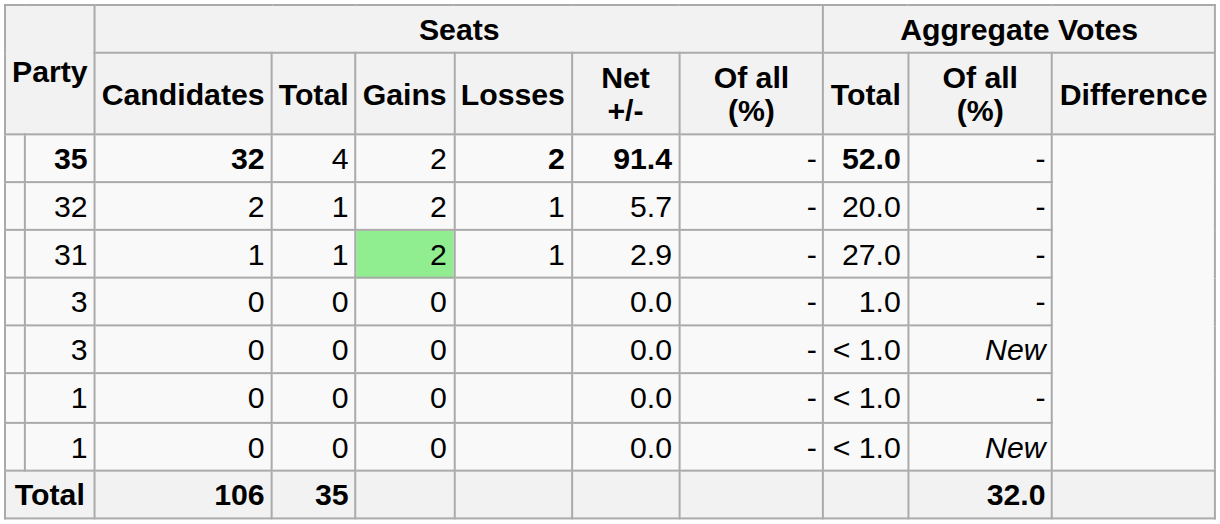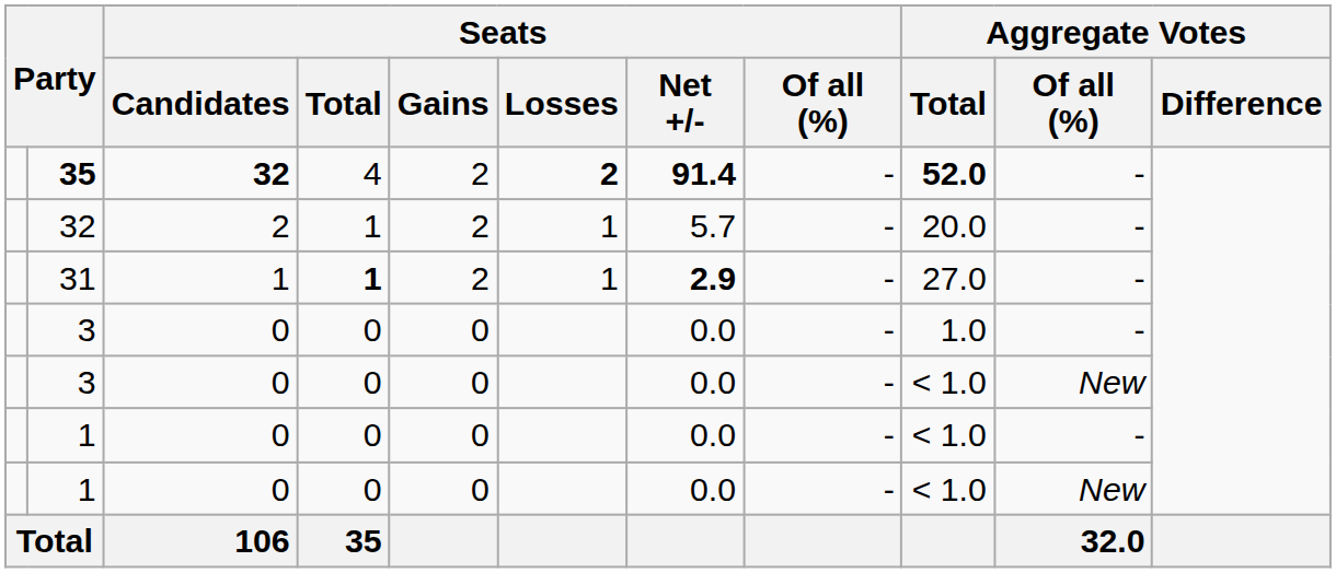 <table class="wikitable sortable" style="text-align:right; font-size:95%;">
 <tr>
 <th colspan="2" rowspan="2">Party</th>
 <th colspan="6">Seats</th>
 <th colspan="3">Aggregate Votes</th>
 </tr>
 <tr>
 <th>Candidates</th>
 <th>Total</th>
 <th>Gains</th>
 <th>Losses</th>
 <th>Net +/-</th>
 <th>Of all (%)</th>
 <th>Total</th>
 <th>Of all (%)</th>
 <th>Difference</th>
 </tr>
 <tr>
 <td></td>
 <td><strong>35</strong></td>
 <td><strong>32</strong></td>
 <td>4</td>
 <td>2</td>
 <td><strong>2</strong></td>
 <td><strong>91.4</strong></td>
 <td>-</td>
 <td><strong>52.0</strong></td>
 <td>-</td>
 </tr>
 <tr>
 <td></td>
 <td>32</td>
 <td>2</td>
 <td>1</td>
 <td>2</td>
 <td>1</td>
 <td>5.7</td>
 <td>-</td>
 <td>20.0</td>
 <td>-</td>
 </tr>
 <tr>
 <td></td>
 <td>31</td>
 <td>1</td>
+<td><strong>1</strong></td>
+<td>2</td>
 <td>1</td>
-<td style="background: lightgreen;">2</td>
-<td>1</td>
-<td>2.9</td>
+<td><strong>2.9</strong></td>
 <td>-</td>
 <td>27.0</td>
 <td>-</td>
 </tr>
 <tr>
 <td></td>
 <td>3</td>
 <td>0</td>
 <td>0</td>
 <td>0</td>
 <td></td>
 <td>0.0</td>
 <td>-</td>
 <td>1.0</td>
 <td>-</td>
 </tr>
 <tr>
 <td></td>
 <td>3</td>
 <td>0</td>
 <td>0</td>
 <td>0</td>
 <td></td>
 <td>0.0</td>
 <td>-</td>
 <td>< 1.0</td>
 <td><em>New</em></td>
 </tr>
 <tr>
 <td></td>
 <td>1</td>
 <td>0</td>
 <td>0</td>
 <td>0</td>
 <td></td>
 <td>0.0</td>
 <td>-</td>
 <td>< 1.0</td>
 <td>-</td>
 </tr>
 <tr>
 <td></td>
 <td>1</td>
 <td>0</td>
 <td>0</td>
 <td>0</td>
 <td></td>
 <td>0.0</td>
 <td>-</td>
 <td>< 1.0</td>
 <td><em>New</em></td>
 </tr>
 <tr class="sortbottom">
 <th colspan="2" style="background:#f2f2f2"><strong>Total</strong></th>
 <td style="background:#f2f2f2;"><strong>106</strong></td>
 <td style="background:#f2f2f2;"><strong>35</strong></td>
 <td style="background:#f2f2f2;"></td>
 <td style="background:#f2f2f2;"></td>
 <td style="background:#f2f2f2;"></td>
 <td style="background:#f2f2f2;"></td>
 <td style="background:#f2f2f2;"></td>
 <td style="background:#f2f2f2;"><strong>32.0</strong></td>
 <td style="background:#f2f2f2;"></td>
 </tr>
 </table>
